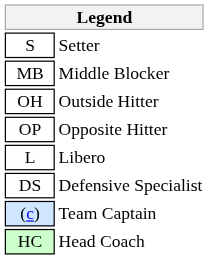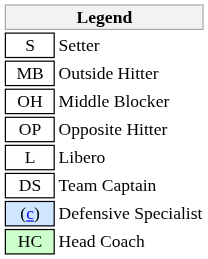 <table class="toccolours" style="float: right; font-size: 90%; white-space: nowrap; valign: middle">
 <tr>
 <th colspan="6" style="background-color: #F2F2F2; border: 1px solid #AAAAAA;">Legend</th>
 </tr>
 <tr>
 <td style="border: 1px solid black;" align=center>  S  </td>
 <td>Setter</td>
 </tr>
 <tr>
 <td style="border: 1px solid black;" align=center>  MB  </td>
-<td>Middle Blocker</td>
+<td>Outside Hitter</td>
 </tr>
 <tr>
 <td style="border: 1px solid black;" align=center>  OH  </td>
-<td>Outside Hitter</td>
+<td>Middle Blocker</td>
 </tr>
 <tr>
 <td style="border: 1px solid black;" align=center>  OP  </td>
 <td>Opposite Hitter</td>
 </tr>
 <tr>
 <td style="border: 1px solid black;" align=center>  L  </td>
 <td>Libero</td>
 </tr>
 <tr>
 <td style="border: 1px solid black;" align=center>  DS  </td>
-<td>Defensive Specialist</td>
+<td>Team Captain</td>
 </tr>
 <tr>
 <td style="background: #D0E6FF; border: 1px solid black" align=center> (<a href='#'>c</a>) </td>
-<td>Team Captain</td>
+<td>Defensive Specialist</td>
 </tr>
 <tr>
 <td style="background: #ccffcc; border: 1px solid black" align=center> HC </td>
 <td>Head Coach</td>
 </tr>
 <tr>
 </tr>
 </table>
